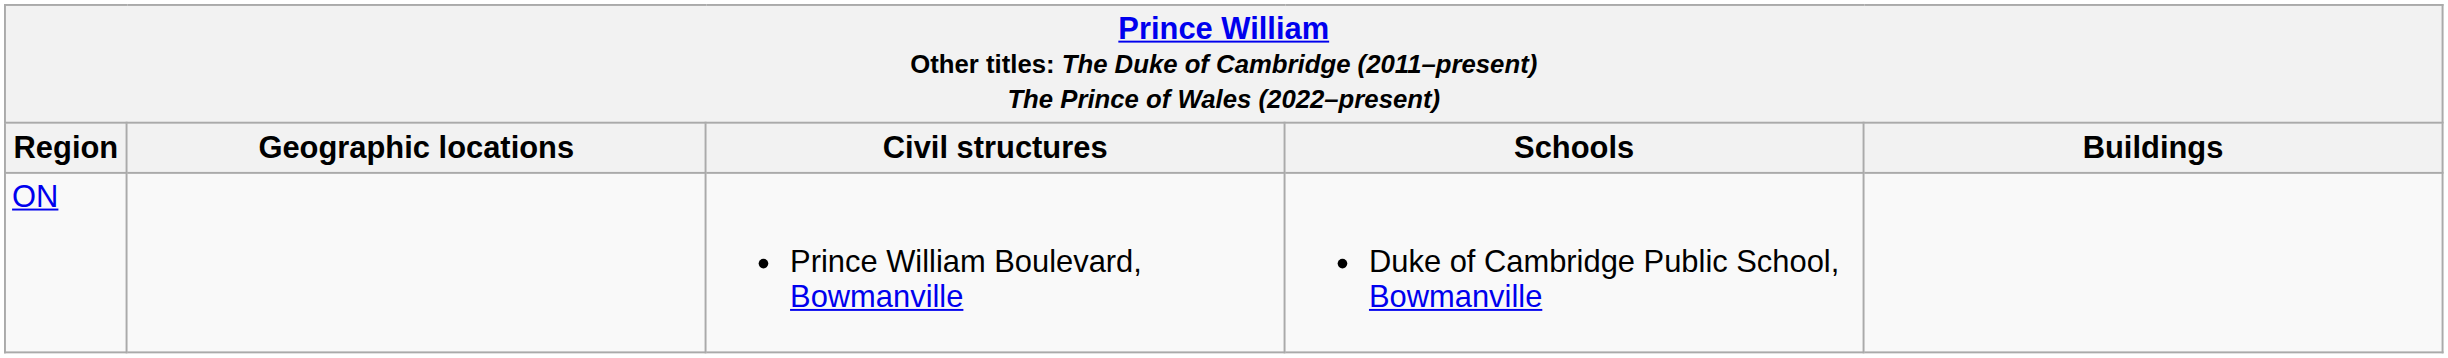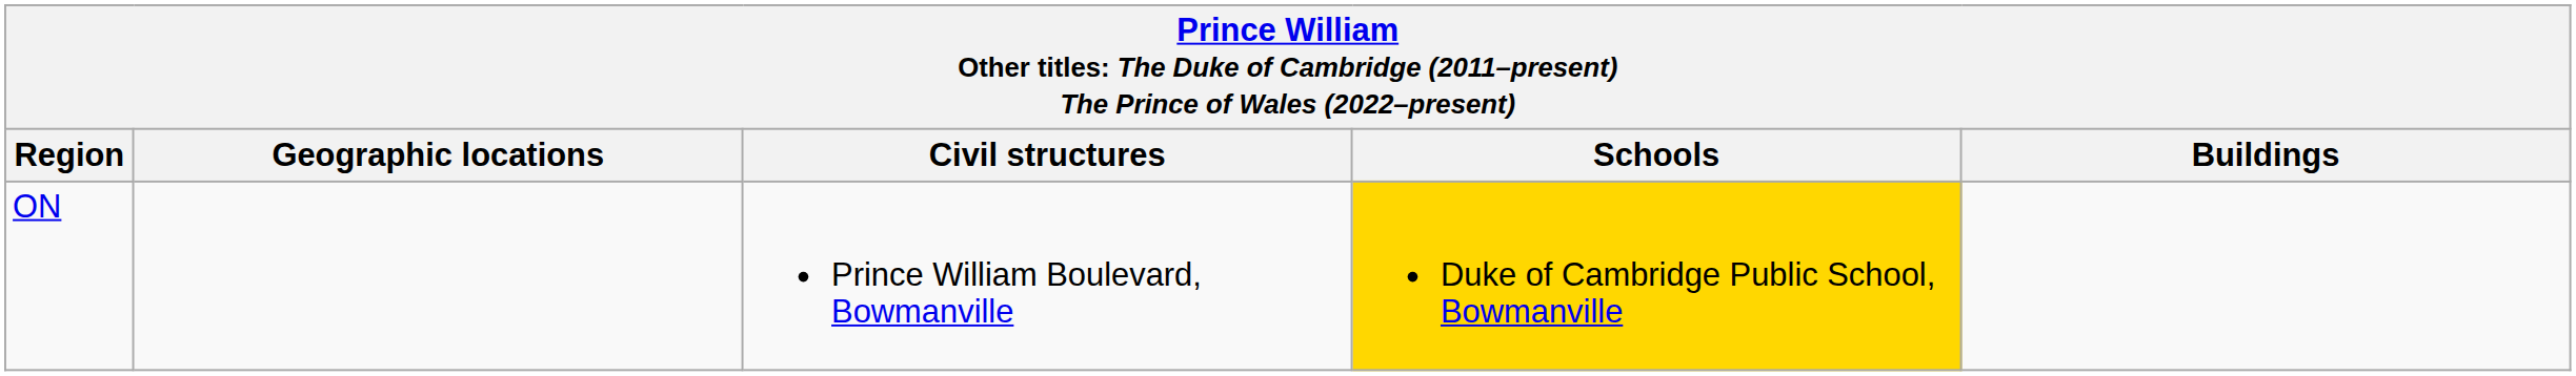 <table class="wikitable" width="100%">
 <tr>
 <th colspan="5"> <a href='#'>Prince William</a><br><small>Other titles: <em>The Duke of Cambridge (2011–present)</em><br><em>The Prince of Wales (2022–present)</em></small></th>
 </tr>
 <tr>
 <th width="5%">Region</th>
 <th width="23.75%">Geographic locations</th>
 <th width="23.75%">Civil structures</th>
 <th width="23.75%">Schools</th>
 <th width="23.75%">Buildings</th>
 </tr>
 <tr>
 <td align=left valign=top> <a href='#'>ON</a></td>
 <td></td>
 <td align=left valign=top><br><ul><li>Prince William Boulevard, <a href='#'>Bowmanville</a></li></ul></td>
-<td align=left valign=top><br><ul><li>Duke of Cambridge Public School, <a href='#'>Bowmanville</a></li></ul></td>
+<td align=left valign=top style="background: gold;"><br><ul><li>Duke of Cambridge Public School, <a href='#'>Bowmanville</a></li></ul></td>
 <td></td>
 </tr>
 </table>
